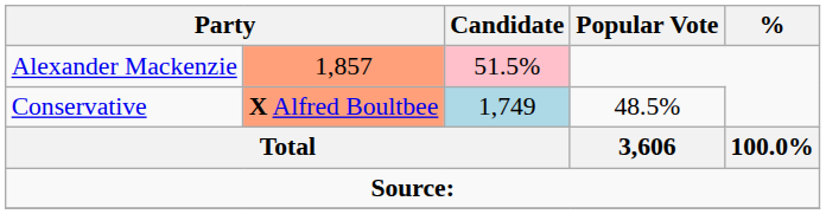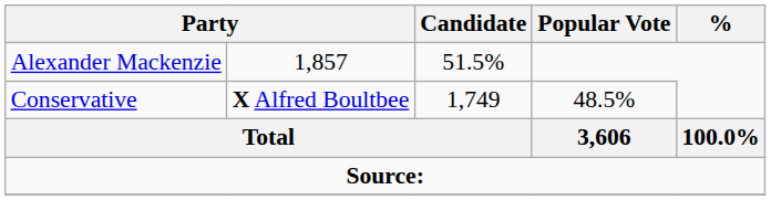 <table class="wikitable">
 <tr>
 <th colspan="2">Party</th>
 <th>Candidate</th>
 <th>Popular Vote</th>
 <th>%</th>
 </tr>
 <tr>
 <td> <a href='#'>Alexander Mackenzie</a></td>
-<td align=center style="background: lightsalmon;">1,857</td>
-<td align=center style="background: pink;">51.5%</td>
+<td align=center>1,857</td>
+<td align=center>51.5%</td>
 </tr>
 <tr>
 <td><a href='#'>Conservative</a></td>
-<td style="background: lightsalmon;"><strong>X</strong> <a href='#'>Alfred Boultbee</a></td>
-<td align=center style="background: lightblue;">1,749</td>
+<td><strong>X</strong> <a href='#'>Alfred Boultbee</a></td>
+<td align=center>1,749</td>
 <td align=center>48.5%</td>
 </tr>
 <tr>
 <th colspan=3 align=center>Total</th>
 <th align=right>3,606</th>
 <th align=right>100.0%</th>
 </tr>
 <tr>
 <td align="center" colspan=5><strong>Source:</strong> </td>
 </tr>
 <tr>
 </tr>
 </table>
